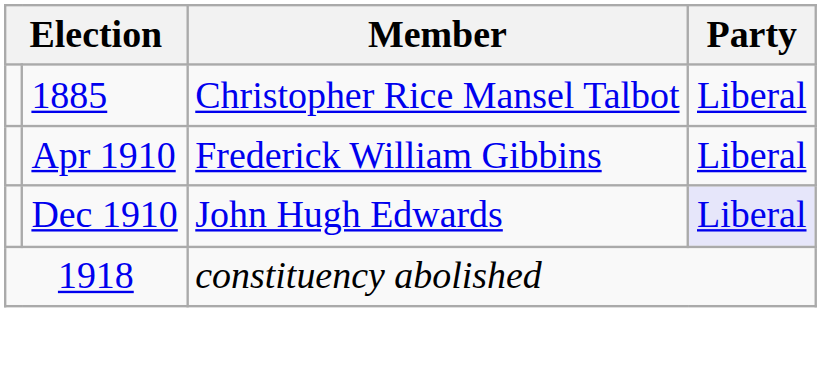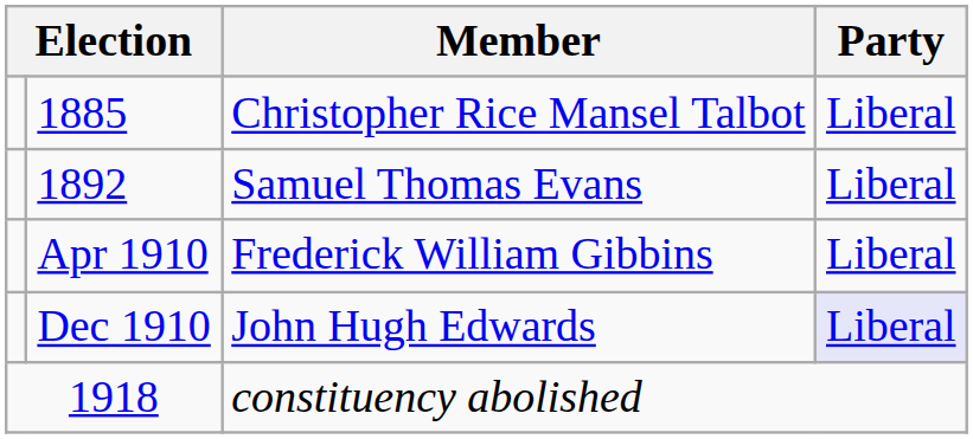 <table class="wikitable">
 <tr>
 <th colspan="2">Election</th>
 <th>Member</th>
 <th>Party</th>
 </tr>
 <tr>
 <td style="color:inherit;background-color: "></td>
 <td><a href='#'>1885</a></td>
 <td><a href='#'>Christopher Rice Mansel Talbot</a></td>
+<td><a href='#'>Liberal</a></td>
+</tr>
+<tr>
+<td style="color:inherit;background-color: "></td>
+<td><a href='#'>1892</a></td>
+<td><a href='#'>Samuel Thomas Evans</a></td>
 <td><a href='#'>Liberal</a></td>
 </tr>
 <tr>
 <td style="color:inherit;background-color: "></td>
 <td><a href='#'>Apr 1910</a></td>
 <td><a href='#'>Frederick William Gibbins</a></td>
 <td><a href='#'>Liberal</a></td>
 </tr>
 <tr>
 <td style="color:inherit;background-color: "></td>
 <td><a href='#'>Dec 1910</a></td>
 <td><a href='#'>John Hugh Edwards</a></td>
 <td style="background: lavender;"><a href='#'>Liberal</a></td>
 </tr>
 <tr>
 <td colspan="2" align="center"><a href='#'>1918</a></td>
 <td colspan="2"><em>constituency abolished</em></td>
 </tr>
 </table>
